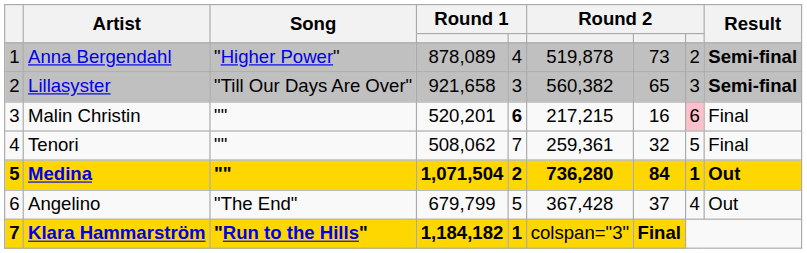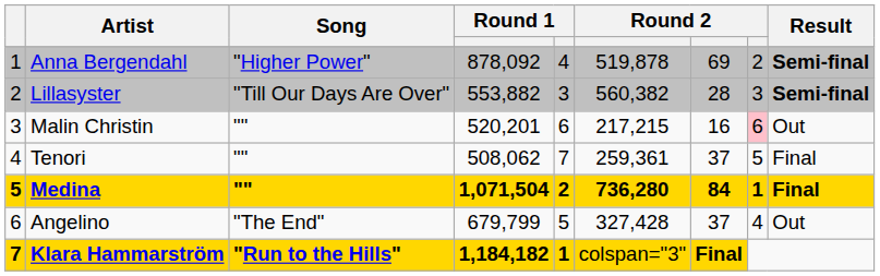 <table class="sortable wikitable" style="margin: 1em auto 1em auto; text-align:center;">
 <tr>
 <th rowspan="2"></th>
 <th rowspan="2">Artist</th>
 <th rowspan="2">Song</th>
 <th colspan="2">Round 1</th>
 <th colspan="3">Round 2</th>
 <th rowspan="2">Result</th>
 </tr>
 <tr>
 <th><small></small></th>
 <th><small></small></th>
 <th><small></small></th>
 <th><small></small></th>
 <th><small></small></th>
 </tr>
 <tr style="background:silver;">
 <td>1</td>
 <td align="left"><a href='#'>Anna Bergendahl</a></td>
 <td align="left">"<a href='#'>Higher Power</a>"</td>
-<td>878,089</td>
+<td>878,092</td>
 <td>4</td>
 <td>519,878</td>
-<td>73</td>
+<td>69</td>
 <td>2</td>
 <td align="left"><strong>Semi-final</strong></td>
 </tr>
 <tr style="background:silver;">
 <td>2</td>
 <td align="left"><a href='#'>Lillasyster</a></td>
 <td align="left">"Till Our Days Are Over"</td>
-<td>921,658</td>
+<td>553,882</td>
 <td>3</td>
 <td>560,382</td>
-<td>65</td>
+<td>28</td>
 <td>3</td>
 <td align="left"><strong>Semi-final</strong></td>
 </tr>
 <tr>
 <td>3</td>
 <td align="left">Malin Christin</td>
 <td align="left">""</td>
 <td>520,201</td>
-<td><strong>6</strong></td>
+<td>6</td>
 <td>217,215</td>
 <td>16</td>
 <td style="background: pink;">6</td>
-<td align="left">Final</td>
+<td align="left">Out</td>
 </tr>
 <tr>
 <td>4</td>
 <td align="left">Tenori</td>
 <td align="left">""</td>
 <td>508,062</td>
 <td>7</td>
 <td>259,361</td>
-<td>32</td>
+<td>37</td>
 <td>5</td>
 <td align="left">Final</td>
 </tr>
 <tr style="font-weight:bold;background:gold;">
 <td>5</td>
 <td align="left"><a href='#'>Medina</a></td>
 <td align="left">""</td>
 <td>1,071,504</td>
 <td>2</td>
 <td>736,280</td>
 <td>84</td>
 <td>1</td>
-<td align="left">Out</td>
+<td align="left">Final</td>
 </tr>
 <tr>
 <td>6</td>
 <td align="left">Angelino</td>
 <td align="left">"The End"</td>
 <td>679,799</td>
 <td>5</td>
-<td>367,428</td>
+<td>327,428</td>
 <td>37</td>
 <td>4</td>
 <td align="left">Out</td>
 </tr>
 <tr style="background:gold;">
 <td><strong>7</strong></td>
 <td align="left"><strong><a href='#'>Klara Hammarström</a></strong></td>
 <td align="left"><strong>"<a href='#'>Run to the Hills</a>"</strong></td>
 <td><strong>1,184,182</strong></td>
 <td><strong>1</strong></td>
 <td>colspan="3" </td>
 <td align="left"><strong>Final</strong></td>
 </tr>
 </table>
